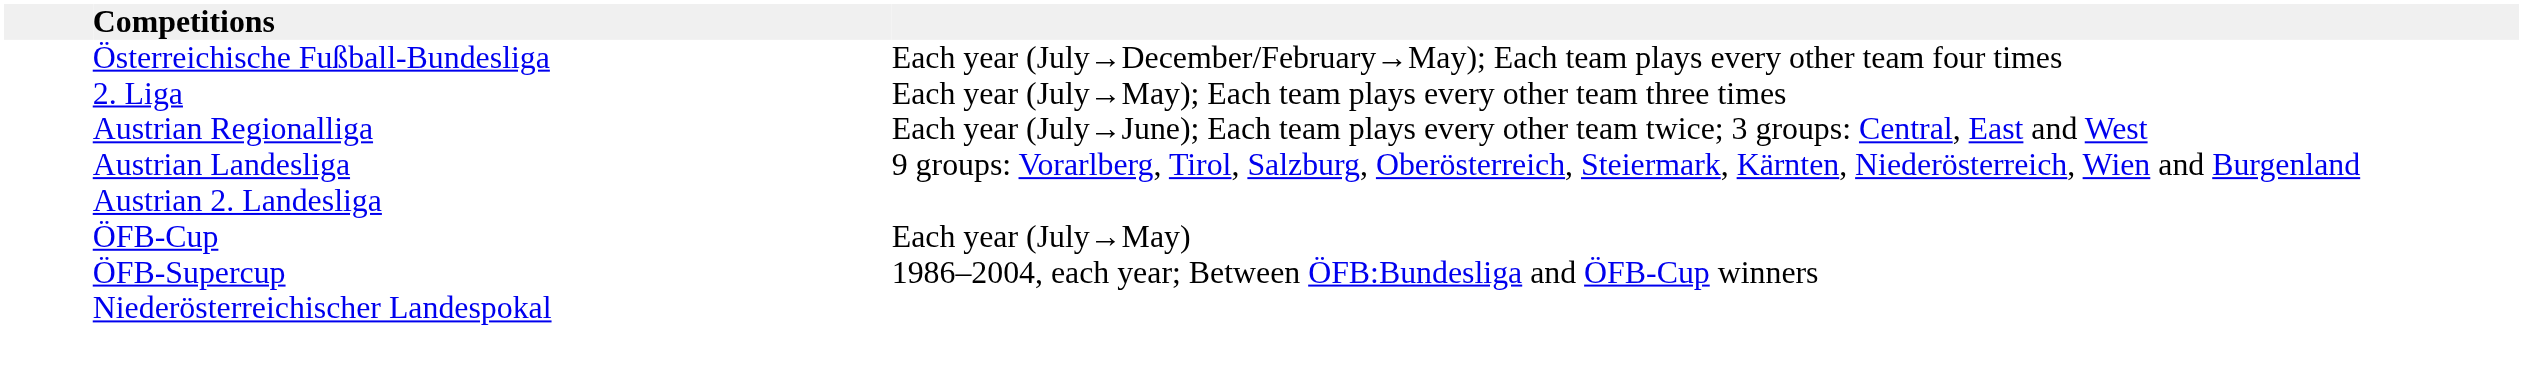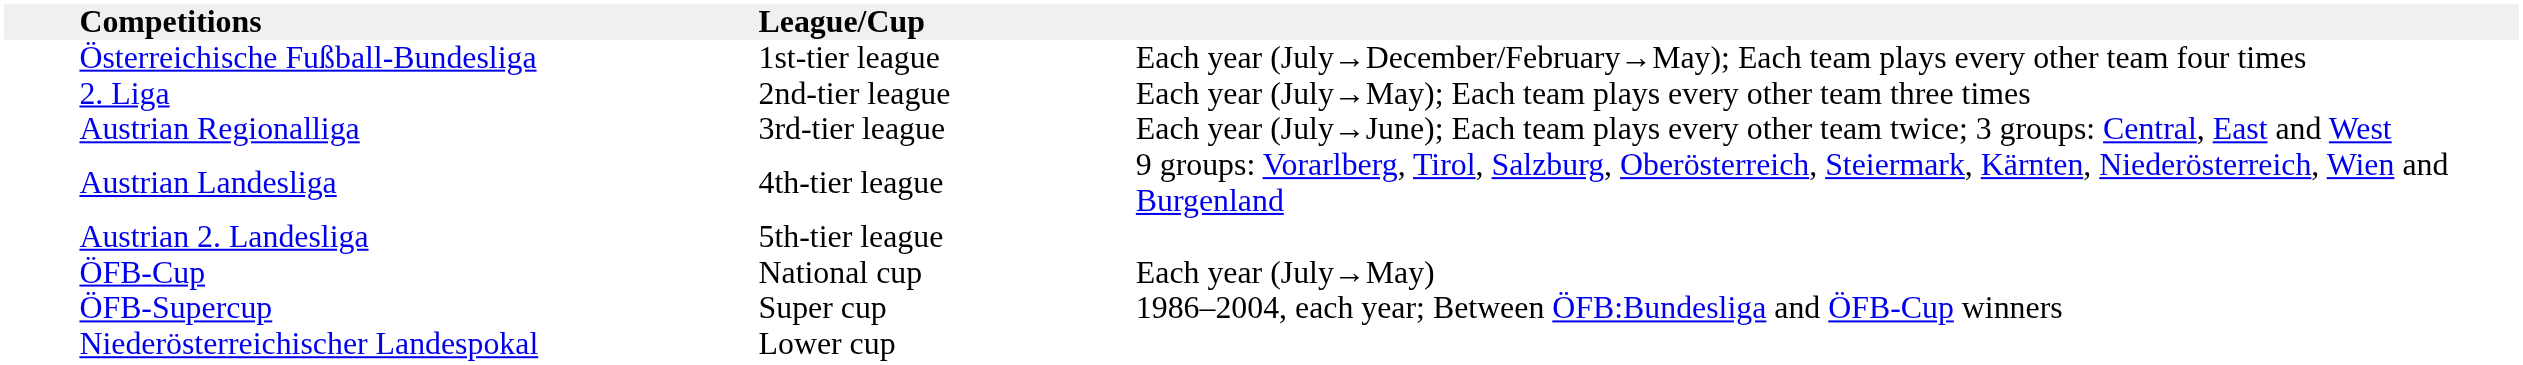 <table width="100%" cellspacing="0" cellpadding="0">
 <tr bgcolor="F0F0F0">
 <th width="3%" align="left"></th>
 <th width="27%" align="left">Competitions</th>
+<th width="15%" align="left">League/Cup</th>
 <th width="55%" align="left"></th>
 </tr>
 <tr>
 <td></td>
 <td><a href='#'>Österreichische Fußball-Bundesliga</a></td>
+<td>1st-tier league</td>
 <td>Each year (July→December/February→May); Each team plays every other team four times</td>
 </tr>
 <tr>
 <td></td>
 <td><a href='#'>2. Liga</a></td>
+<td>2nd-tier league</td>
 <td>Each year (July→May); Each team plays every other team three times</td>
 </tr>
 <tr>
 <td></td>
 <td><a href='#'>Austrian Regionalliga</a></td>
+<td>3rd-tier league</td>
 <td>Each year (July→June); Each team plays every other team twice; 3 groups: <a href='#'>Central</a>, <a href='#'>East</a> and <a href='#'>West</a></td>
 </tr>
 <tr>
 <td></td>
 <td><a href='#'>Austrian Landesliga</a></td>
+<td>4th-tier league</td>
 <td>9 groups: <a href='#'>Vorarlberg</a>, <a href='#'>Tirol</a>, <a href='#'>Salzburg</a>, <a href='#'>Oberösterreich</a>, <a href='#'>Steiermark</a>, <a href='#'>Kärnten</a>, <a href='#'>Niederösterreich</a>, <a href='#'>Wien</a> and <a href='#'>Burgenland</a></td>
 </tr>
 <tr>
 <td></td>
 <td><a href='#'>Austrian 2. Landesliga</a></td>
+<td>5th-tier league</td>
 <td> </td>
 </tr>
 <tr>
 <td></td>
 <td><a href='#'>ÖFB-Cup</a></td>
+<td>National cup</td>
 <td>Each year (July→May)</td>
 </tr>
 <tr>
 <td></td>
 <td><a href='#'>ÖFB-Supercup</a></td>
+<td>Super cup</td>
 <td>1986–2004, each year; Between <a href='#'>ÖFB:Bundesliga</a> and <a href='#'>ÖFB-Cup</a> winners</td>
 </tr>
 <tr>
 <td></td>
 <td><a href='#'>Niederösterreichischer Landespokal</a></td>
+<td>Lower cup</td>
 <td></td>
 </tr>
 </table>
